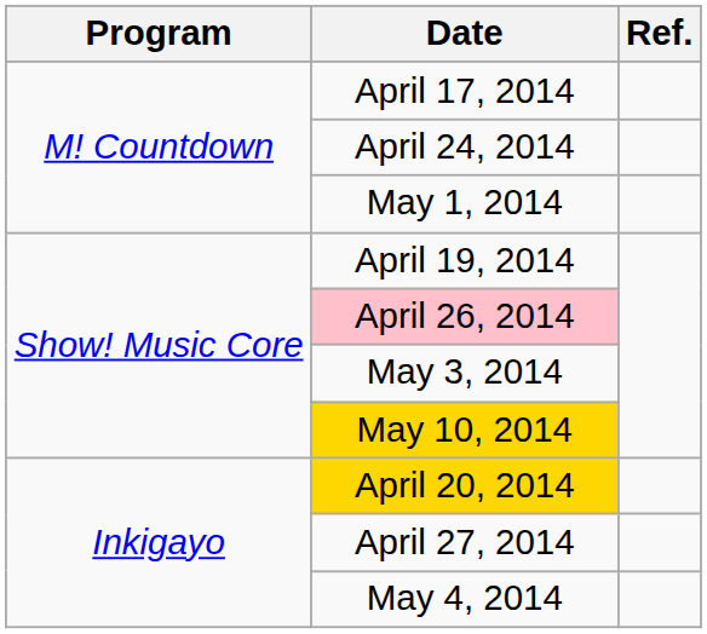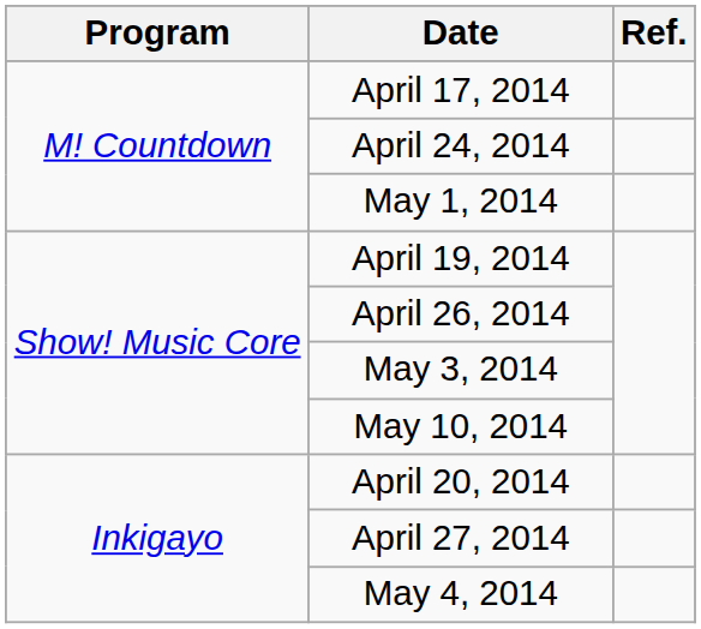 <table class="wikitable" style="text-align:center">
 <tr>
 <th>Program</th>
 <th width="130">Date</th>
 <th>Ref.</th>
 </tr>
 <tr>
 <td rowspan="3"><em><a href='#'>M! Countdown</a></em></td>
 <td>April 17, 2014</td>
 <td></td>
 </tr>
 <tr>
 <td>April 24, 2014</td>
 <td></td>
 </tr>
 <tr>
 <td>May 1, 2014</td>
 <td></td>
 </tr>
 <tr>
 <td rowspan="4"><em><a href='#'>Show! Music Core</a></em></td>
 <td>April 19, 2014</td>
 <td rowspan="4"></td>
 </tr>
 <tr>
-<td style="background: pink;">April 26, 2014</td>
+<td>April 26, 2014</td>
 </tr>
 <tr>
 <td>May 3, 2014</td>
 </tr>
 <tr>
-<td style="background: gold;">May 10, 2014</td>
+<td>May 10, 2014</td>
 </tr>
 <tr>
 <td rowspan="3"><em><a href='#'>Inkigayo</a></em></td>
-<td style="background: gold;">April 20, 2014</td>
+<td>April 20, 2014</td>
 <td></td>
 </tr>
 <tr>
 <td>April 27, 2014</td>
 <td></td>
 </tr>
 <tr>
 <td>May 4, 2014</td>
 <td></td>
 </tr>
 </table>
